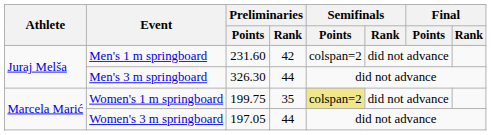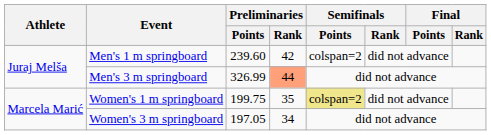 <table class=wikitable style="font-size:90%;">
 <tr>
 <th rowspan="2">Athlete</th>
 <th rowspan="2">Event</th>
 <th colspan="2">Preliminaries</th>
 <th colspan="2">Semifinals</th>
 <th colspan="2">Final</th>
 </tr>
 <tr style="font-size:95%">
 <th>Points</th>
 <th>Rank</th>
 <th>Points</th>
 <th>Rank</th>
 <th>Points</th>
 <th>Rank</th>
 </tr>
 <tr align=center>
 <td align=left rowspan=2><a href='#'>Juraj Melša</a></td>
 <td align=left><a href='#'>Men's 1 m springboard</a></td>
-<td>231.60</td>
+<td>239.60</td>
 <td>42</td>
 <td>colspan=2 </td>
 <td colspan=2>did not advance</td>
 </tr>
 <tr align=center>
 <td align=left><a href='#'>Men's 3 m springboard</a></td>
-<td>326.30</td>
-<td>44</td>
+<td>326.99</td>
+<td style="background: lightsalmon;">44</td>
 <td colspan=4>did not advance</td>
 </tr>
 <tr align=center>
 <td align=left rowspan=2><a href='#'>Marcela Marić</a></td>
 <td align=left><a href='#'>Women's 1 m springboard</a></td>
 <td>199.75</td>
 <td>35</td>
 <td style="background: khaki;">colspan=2 </td>
 <td colspan=2>did not advance</td>
 </tr>
 <tr align=center>
 <td align=left><a href='#'>Women's 3 m springboard</a></td>
 <td>197.05</td>
-<td>44</td>
+<td>34</td>
 <td colspan=4>did not advance</td>
 </tr>
 </table>
